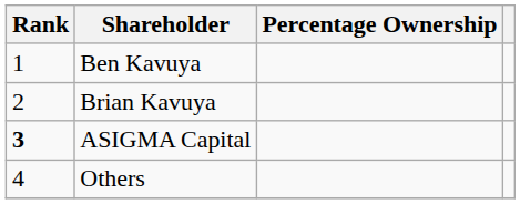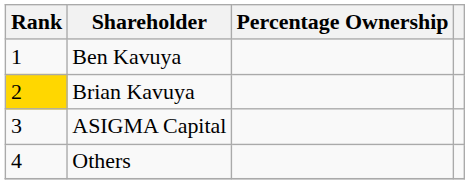 <table class="wikitable sortable" style="margin: 0.5em auto">
 <tr>
 <th>Rank</th>
 <th>Shareholder</th>
 <th>Percentage Ownership</th>
 <th></th>
 </tr>
 <tr>
 <td>1</td>
 <td>Ben Kavuya</td>
 <td></td>
 <td></td>
 </tr>
 <tr>
-<td>2</td>
+<td style="background: gold;">2</td>
 <td>Brian Kavuya</td>
 <td></td>
 <td></td>
 </tr>
 <tr>
-<td><strong>3</strong></td>
+<td>3</td>
 <td>ASIGMA Capital</td>
 <td></td>
 <td></td>
 </tr>
 <tr>
 <td>4</td>
 <td>Others</td>
 <td></td>
 <td></td>
 </tr>
 <tr>
 </tr>
 </table>
